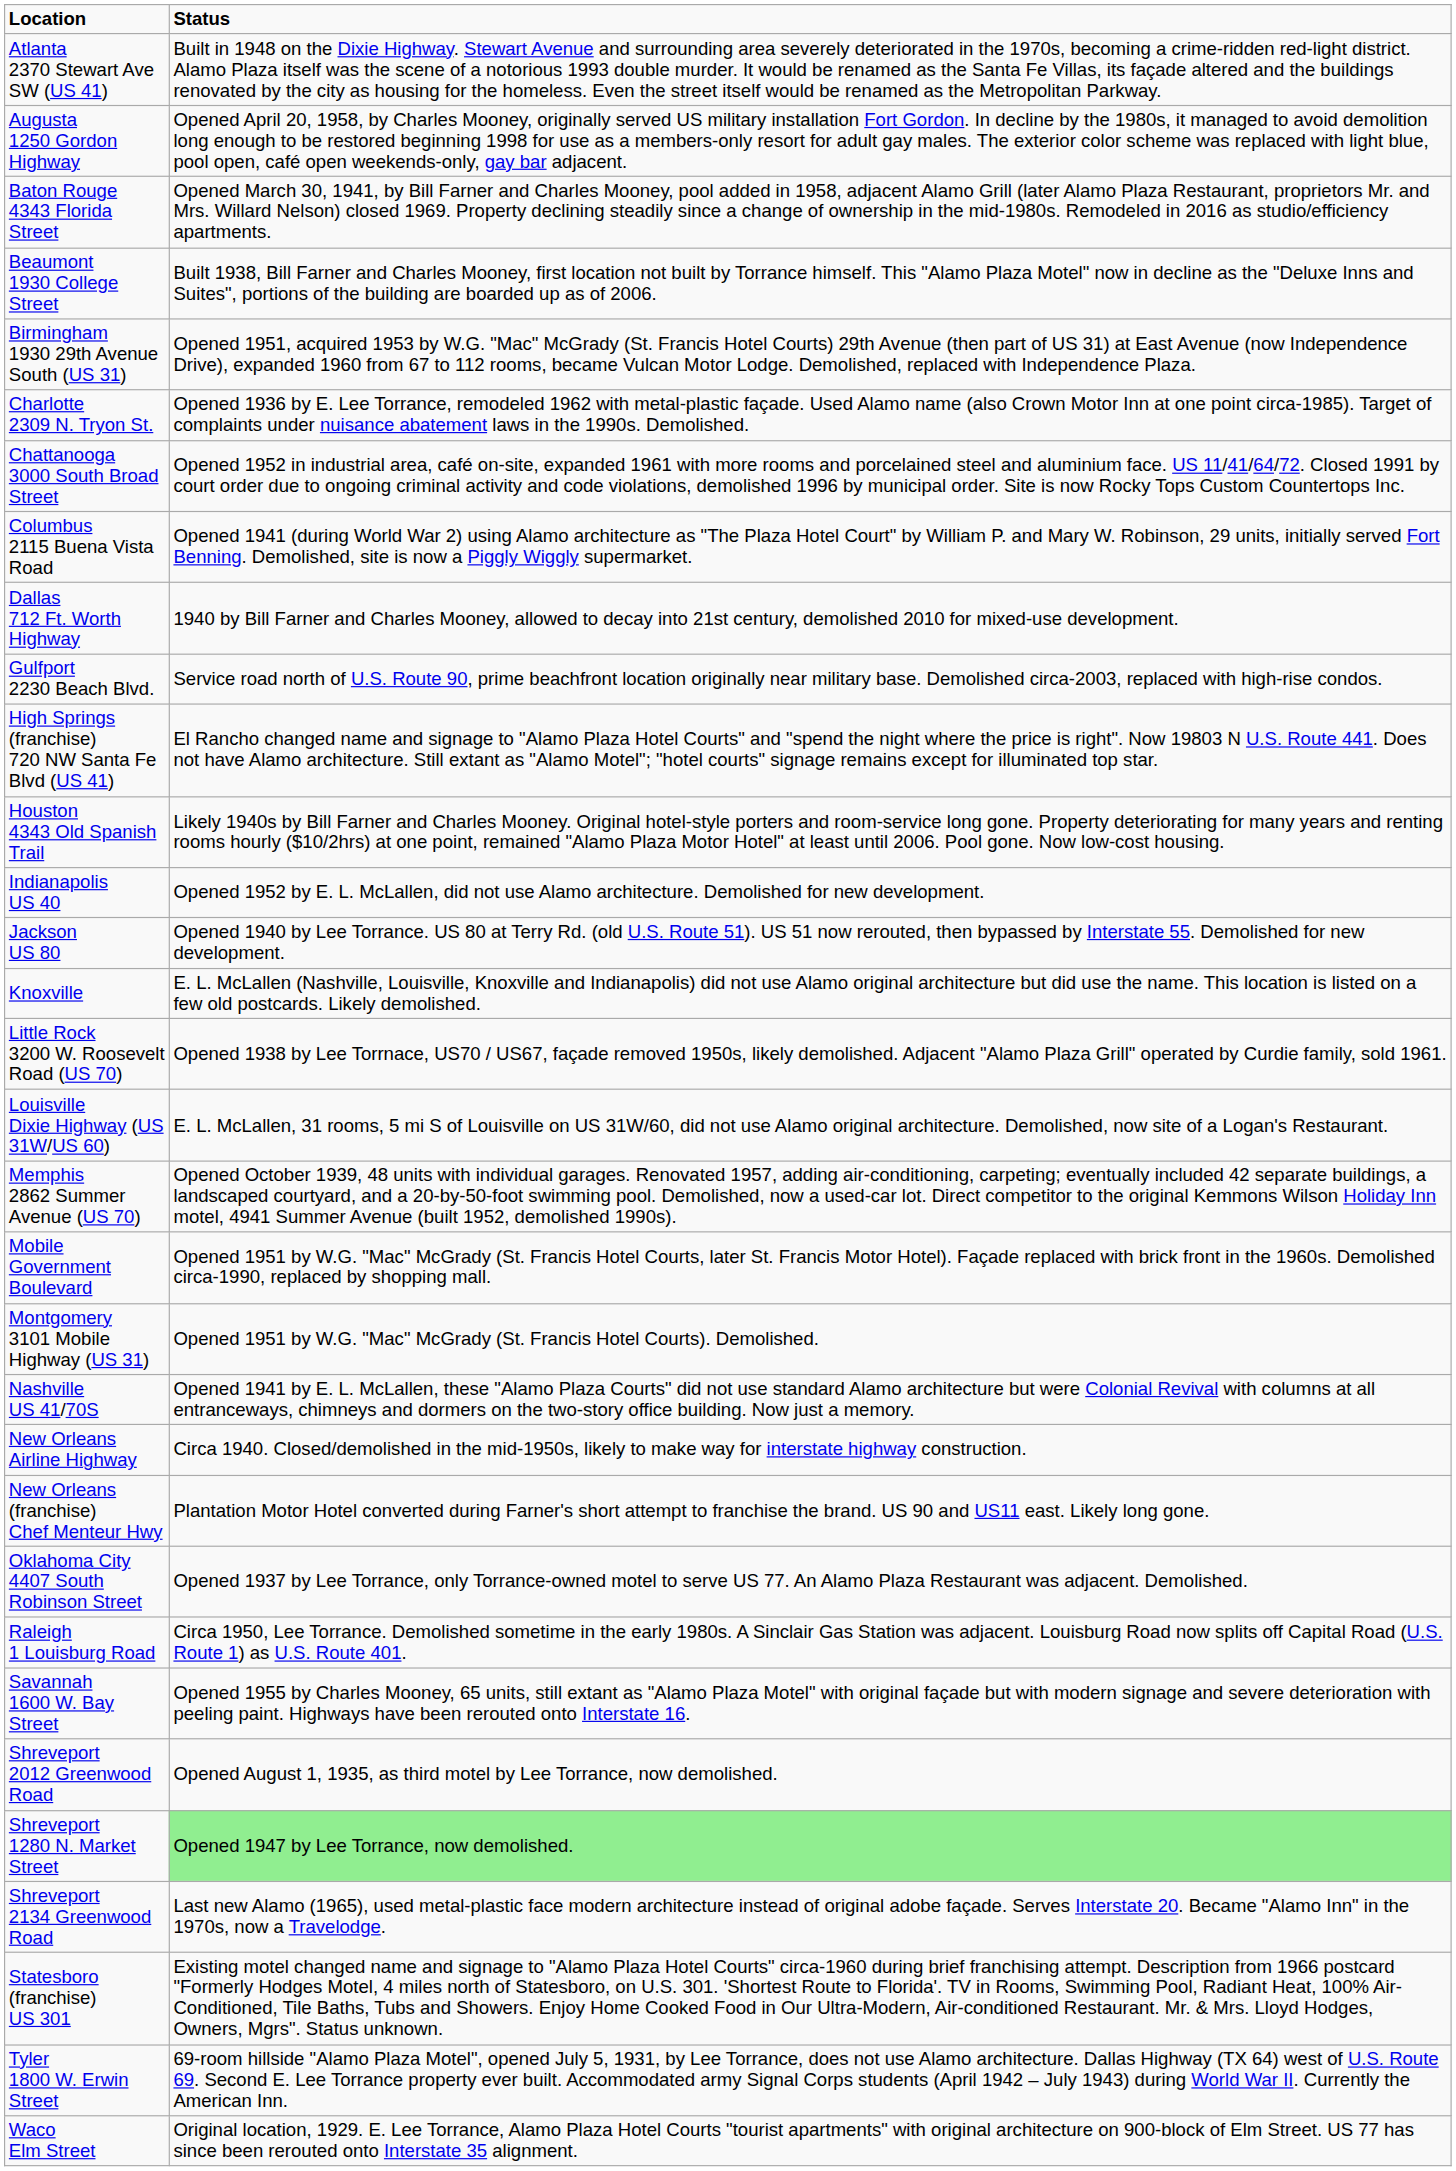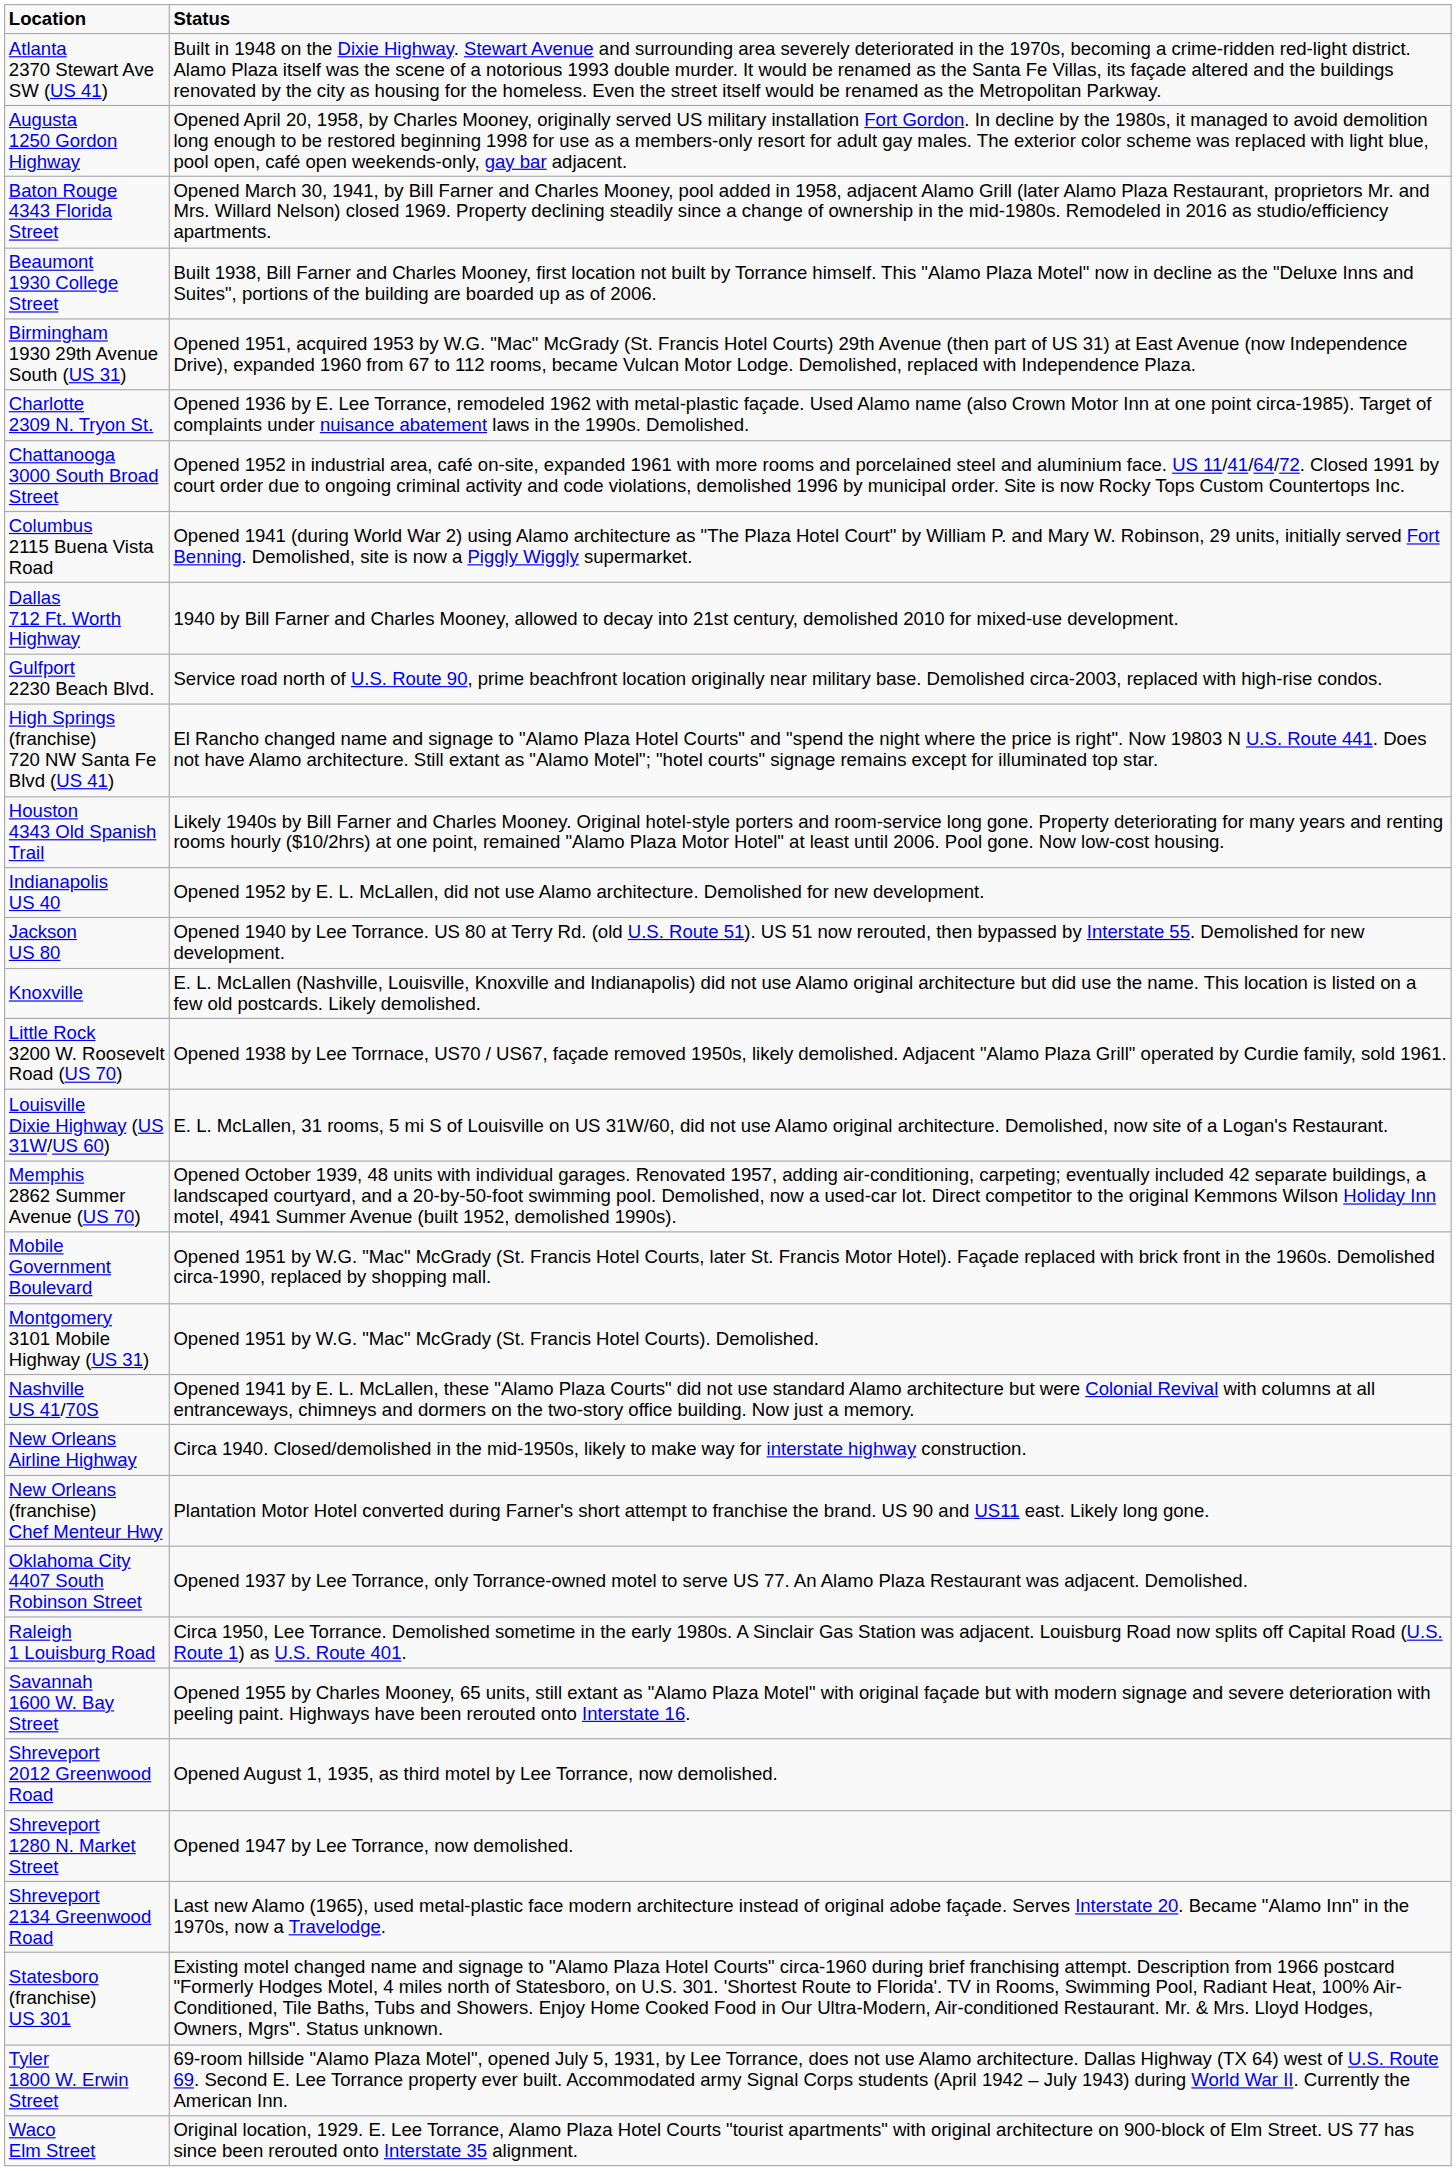 <table class="wikitable">
 <tr>
 <td><strong>Location</strong></td>
 <td><strong>Status</strong></td>
 </tr>
 <tr>
 <td><a href='#'>Atlanta</a><br> 2370 Stewart Ave SW (<a href='#'>US 41</a>)</td>
 <td>Built in 1948 on the <a href='#'>Dixie Highway</a>. <a href='#'>Stewart Avenue</a> and surrounding area severely deteriorated in the 1970s, becoming a crime-ridden red-light district. Alamo Plaza itself was the scene of a notorious 1993 double murder. It would be renamed as the Santa Fe Villas, its façade altered and the buildings renovated by the city as housing for the homeless. Even the street itself would be renamed as the Metropolitan Parkway.</td>
 </tr>
 <tr>
 <td><a href='#'>Augusta</a><br> <a href='#'>1250 Gordon Highway</a></td>
 <td>Opened April 20, 1958, by Charles Mooney, originally served US military installation <a href='#'>Fort Gordon</a>. In decline by the 1980s, it managed to avoid demolition long enough to be restored beginning 1998 for use as a members-only resort for adult gay males. The exterior color scheme was replaced with light blue, pool open, café open weekends-only, <a href='#'>gay bar</a> adjacent.</td>
 </tr>
 <tr>
 <td><a href='#'>Baton Rouge</a><br> <a href='#'>4343 Florida Street</a></td>
 <td>Opened March 30, 1941, by Bill Farner and Charles Mooney, pool added in 1958, adjacent Alamo Grill (later Alamo Plaza Restaurant, proprietors Mr. and Mrs. Willard Nelson) closed 1969. Property declining steadily since a change of ownership in the mid-1980s. Remodeled in 2016 as studio/efficiency apartments. </td>
 </tr>
 <tr>
 <td><a href='#'>Beaumont</a><br> <a href='#'>1930 College Street</a></td>
 <td>Built 1938, Bill Farner and Charles Mooney, first location not built by Torrance himself. This "Alamo Plaza Motel" now in decline as the "Deluxe Inns and Suites", portions of the building are boarded up as of 2006. </td>
 </tr>
 <tr>
 <td><a href='#'>Birmingham</a><br> 1930 29th Avenue South (<a href='#'>US 31</a>)</td>
 <td>Opened 1951, acquired 1953 by W.G. "Mac" McGrady (St. Francis Hotel Courts) 29th Avenue (then part of US 31) at East Avenue (now Independence Drive), expanded 1960 from 67 to 112 rooms, became Vulcan Motor Lodge. Demolished, replaced with Independence Plaza.</td>
 </tr>
 <tr>
 <td><a href='#'>Charlotte</a><br> <a href='#'>2309 N. Tryon St.</a></td>
 <td>Opened 1936 by E. Lee Torrance, remodeled 1962 with metal-plastic façade. Used Alamo name (also Crown Motor Inn at one point circa-1985). Target of complaints under <a href='#'>nuisance abatement</a> laws in the 1990s. Demolished.<br></td>
 </tr>
 <tr>
 <td><a href='#'>Chattanooga</a><br> <a href='#'>3000 South Broad Street</a></td>
 <td>Opened 1952 in industrial area, café on-site, expanded 1961 with more rooms and porcelained steel and aluminium face. <a href='#'>US 11</a>/<a href='#'>41</a>/<a href='#'>64</a>/<a href='#'>72</a>. Closed 1991 by court order due to ongoing criminal activity and code violations, demolished 1996 by municipal order. Site is now Rocky Tops Custom Countertops Inc.</td>
 </tr>
 <tr>
 <td><a href='#'>Columbus</a><br>2115 Buena Vista Road</td>
 <td>Opened 1941 (during World War 2) using Alamo architecture as "The Plaza Hotel Court" by William P. and Mary W. Robinson, 29 units, initially served <a href='#'>Fort Benning</a>. Demolished, site is now a <a href='#'>Piggly Wiggly</a> supermarket.</td>
 </tr>
 <tr>
 <td><a href='#'>Dallas</a><br> <a href='#'>712 Ft. Worth Highway</a></td>
 <td>1940 by Bill Farner and Charles Mooney, allowed to decay into 21st century, demolished 2010 for mixed-use development.<br></td>
 </tr>
 <tr>
 <td><a href='#'>Gulfport</a><br>2230 Beach Blvd.</td>
 <td>Service road north of <a href='#'>U.S. Route 90</a>, prime beachfront location originally near military base. Demolished circa-2003, replaced with high-rise condos.</td>
 </tr>
 <tr>
 <td><a href='#'>High Springs</a> (franchise)<br> 720 NW Santa Fe Blvd (<a href='#'>US 41</a>)</td>
 <td>El Rancho changed name and signage to "Alamo Plaza Hotel Courts" and "spend the night where the price is right". Now 19803 N <a href='#'>U.S. Route 441</a>. Does not have Alamo architecture. Still extant as "Alamo Motel"; "hotel courts" signage remains except for illuminated top star.</td>
 </tr>
 <tr>
 <td><a href='#'>Houston</a><br> <a href='#'>4343 Old Spanish Trail</a></td>
 <td>Likely 1940s by Bill Farner and Charles Mooney. Original hotel-style porters and room-service long gone. Property deteriorating for many years and renting rooms hourly ($10/2hrs) at one point, remained "Alamo Plaza Motor Hotel" at least until 2006. Pool gone. Now low-cost housing.  </td>
 </tr>
 <tr>
 <td><a href='#'>Indianapolis</a><br> <a href='#'>US 40</a></td>
 <td>Opened 1952 by E. L. McLallen, did not use Alamo architecture. Demolished for new development.</td>
 </tr>
 <tr>
 <td><a href='#'>Jackson</a><br> <a href='#'>US 80</a></td>
 <td>Opened 1940 by Lee Torrance. US 80 at Terry Rd. (old <a href='#'>U.S. Route 51</a>). US 51 now rerouted, then bypassed by <a href='#'>Interstate 55</a>. Demolished for new development.</td>
 </tr>
 <tr>
 <td><a href='#'>Knoxville</a></td>
 <td>E. L. McLallen (Nashville, Louisville, Knoxville and Indianapolis) did not use Alamo original architecture but did use the name. This location is listed on a few old postcards. Likely demolished.</td>
 </tr>
 <tr>
 <td><a href='#'>Little Rock</a><br> 3200 W. Roosevelt Road (<a href='#'>US 70</a>)</td>
 <td>Opened 1938 by Lee Torrnace, US70 / US67, façade removed 1950s, likely demolished. Adjacent "Alamo Plaza Grill" operated by Curdie family, sold 1961.</td>
 </tr>
 <tr>
 <td><a href='#'>Louisville</a><br> <a href='#'>Dixie Highway</a> (<a href='#'>US 31W</a>/<a href='#'>US 60</a>)</td>
 <td>E. L. McLallen, 31 rooms, 5 mi S of Louisville on US 31W/60, did not use Alamo original architecture. Demolished, now site of a Logan's Restaurant.</td>
 </tr>
 <tr>
 <td><a href='#'>Memphis</a><br> 2862 Summer Avenue (<a href='#'>US 70</a>)</td>
 <td>Opened October 1939, 48 units with individual garages. Renovated 1957, adding air-conditioning, carpeting; eventually included 42 separate buildings, a landscaped courtyard, and a 20-by-50-foot swimming pool. Demolished, now a used-car lot. Direct competitor to the original Kemmons Wilson <a href='#'>Holiday Inn</a> motel, 4941 Summer Avenue (built 1952, demolished 1990s).</td>
 </tr>
 <tr>
 <td><a href='#'>Mobile</a><br> <a href='#'>Government Boulevard</a></td>
 <td>Opened 1951 by W.G. "Mac" McGrady (St. Francis Hotel Courts, later St. Francis Motor Hotel). Façade replaced with brick front in the 1960s. Demolished circa-1990, replaced by shopping mall. </td>
 </tr>
 <tr>
 <td><a href='#'>Montgomery</a><br> 3101 Mobile Highway (<a href='#'>US 31</a>)</td>
 <td>Opened 1951 by W.G. "Mac" McGrady (St. Francis Hotel Courts). Demolished.</td>
 </tr>
 <tr>
 <td><a href='#'>Nashville</a><br> <a href='#'>US 41</a>/<a href='#'>70S</a></td>
 <td>Opened 1941 by E. L. McLallen, these "Alamo Plaza Courts" did not use standard Alamo architecture but were <a href='#'>Colonial Revival</a> with columns at all entranceways, chimneys and dormers on the two-story office building. Now just a memory. </td>
 </tr>
 <tr>
 <td><a href='#'>New Orleans</a><br> <a href='#'>Airline Highway</a></td>
 <td>Circa 1940. Closed/demolished in the mid-1950s, likely to make way for <a href='#'>interstate highway</a> construction.</td>
 </tr>
 <tr>
 <td><a href='#'>New Orleans</a> (franchise)<br> <a href='#'>Chef Menteur Hwy</a></td>
 <td>Plantation Motor Hotel converted during Farner's short attempt to franchise the brand. US 90 and <a href='#'>US11</a> east. Likely long gone.</td>
 </tr>
 <tr>
 <td><a href='#'>Oklahoma City</a><br> <a href='#'>4407 South Robinson Street</a></td>
 <td>Opened 1937 by Lee Torrance, only Torrance-owned motel to serve US 77. An Alamo Plaza Restaurant was adjacent. Demolished. </td>
 </tr>
 <tr>
 <td><a href='#'>Raleigh</a><br> <a href='#'>1 Louisburg Road</a></td>
 <td>Circa 1950, Lee Torrance. Demolished sometime in the early 1980s. A Sinclair Gas Station was adjacent. Louisburg Road now splits off Capital Road (<a href='#'>U.S. Route 1</a>) as <a href='#'>U.S. Route 401</a>.</td>
 </tr>
 <tr>
 <td><a href='#'>Savannah</a><br> <a href='#'>1600 W. Bay Street</a></td>
 <td>Opened 1955 by Charles Mooney, 65 units, still extant as "Alamo Plaza Motel" with original façade but with modern signage and severe deterioration with peeling paint. Highways have been rerouted onto <a href='#'>Interstate 16</a>. </td>
 </tr>
 <tr>
 <td><a href='#'>Shreveport</a><br> <a href='#'>2012 Greenwood Road</a></td>
 <td>Opened August 1, 1935, as third motel by Lee Torrance, now demolished.</td>
 </tr>
 <tr>
 <td><a href='#'>Shreveport</a><br> <a href='#'>1280 N. Market Street</a></td>
-<td style="background: lightgreen;">Opened 1947 by Lee Torrance, now demolished.</td>
+<td>Opened 1947 by Lee Torrance, now demolished.</td>
 </tr>
 <tr>
 <td><a href='#'>Shreveport</a><br> <a href='#'>2134 Greenwood Road</a></td>
 <td>Last new Alamo (1965), used metal-plastic face modern architecture instead of original adobe façade. Serves <a href='#'>Interstate 20</a>. Became "Alamo Inn" in the 1970s, now a <a href='#'>Travelodge</a>.</td>
 </tr>
 <tr>
 <td><a href='#'>Statesboro</a> (franchise)<br> <a href='#'>US 301</a></td>
 <td>Existing motel changed name and signage to "Alamo Plaza Hotel Courts" circa-1960 during brief franchising attempt. Description from 1966 postcard "Formerly Hodges Motel, 4 miles north of Statesboro, on U.S. 301. 'Shortest Route to Florida'. TV in Rooms, Swimming Pool, Radiant Heat, 100% Air-Conditioned, Tile Baths, Tubs and Showers. Enjoy Home Cooked Food in Our Ultra-Modern, Air-conditioned Restaurant. Mr. & Mrs. Lloyd Hodges, Owners, Mgrs". Status unknown. </td>
 </tr>
 <tr>
 <td><a href='#'>Tyler</a><br> <a href='#'>1800 W. Erwin Street</a></td>
 <td>69-room hillside "Alamo Plaza Motel", opened July 5, 1931, by Lee Torrance, does not use Alamo architecture. Dallas Highway (TX 64) west of <a href='#'>U.S. Route 69</a>. Second E. Lee Torrance property ever built. Accommodated army Signal Corps students (April 1942 – July 1943) during <a href='#'>World War II</a>. Currently the American Inn.</td>
 </tr>
 <tr>
 <td><a href='#'>Waco</a><br> <a href='#'>Elm Street</a></td>
 <td>Original location, 1929. E. Lee Torrance, Alamo Plaza Hotel Courts "tourist apartments" with original architecture on 900-block of Elm Street. US 77 has since been rerouted onto <a href='#'>Interstate 35</a> alignment.</td>
 </tr>
 </table>
